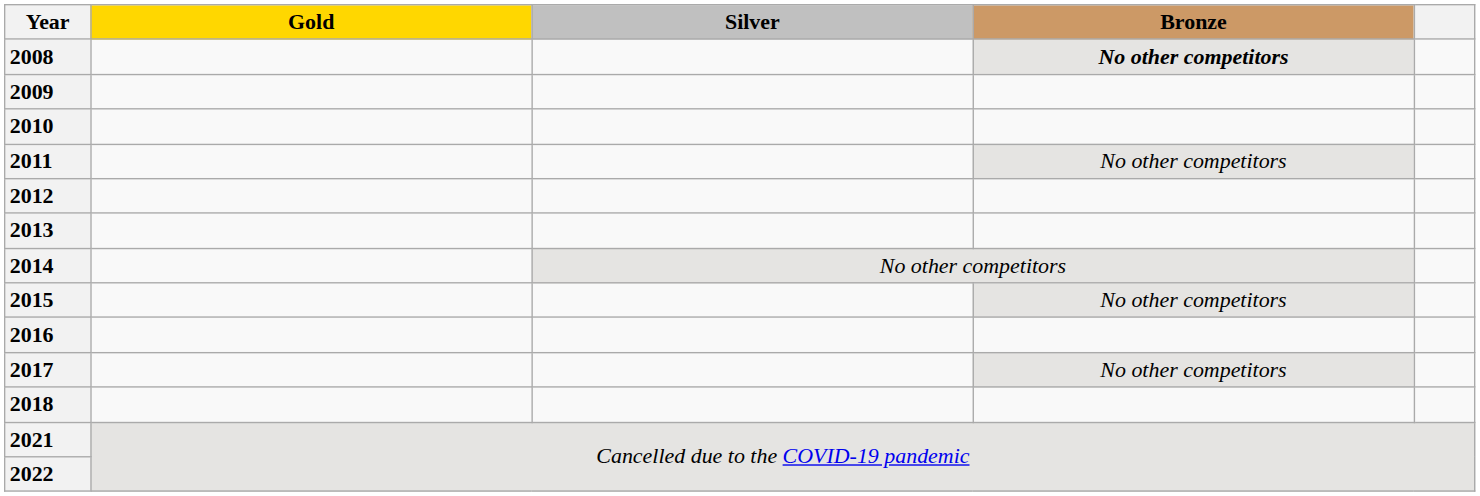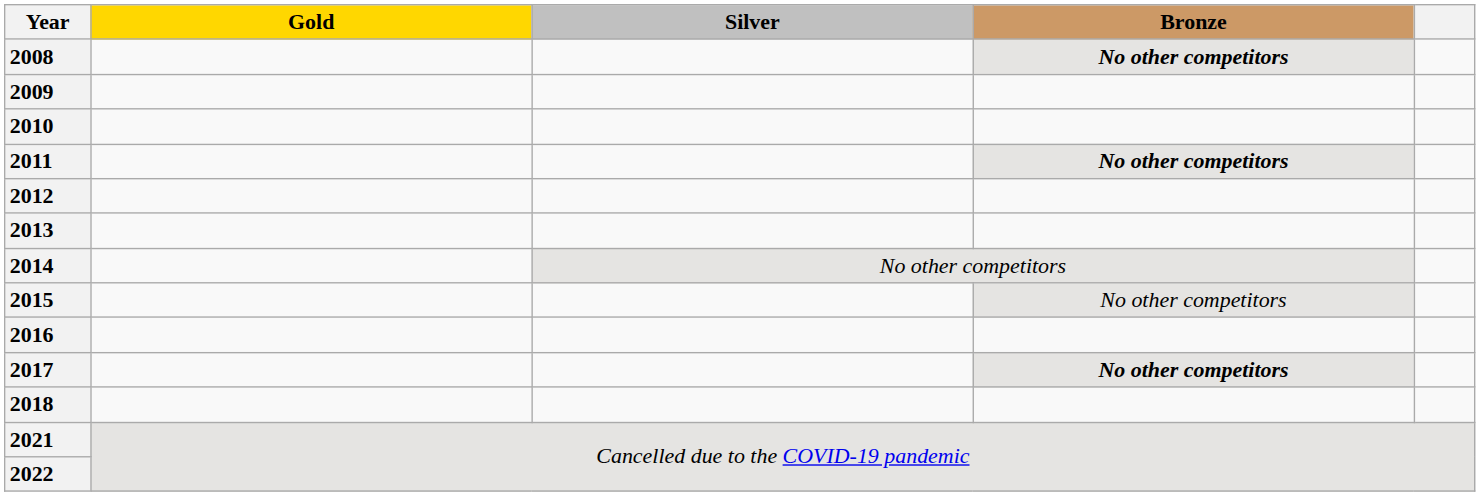 <table class="wikitable unsortable" style="text-align:left; width:85%">
 <tr>
 <th scope="col" style="text-align:center">Year</th>
 <td scope="col" style="text-align:center; width:30%; background:gold"><strong>Gold</strong></td>
 <td scope="col" style="text-align:center; width:30%; background:silver"><strong>Silver</strong></td>
 <td scope="col" style="text-align:center; width:30%; background:#c96"><strong>Bronze</strong></td>
 <th scope="col" style="text-align:center"></th>
 </tr>
 <tr>
 <th scope="row" style="text-align:left">2008</th>
 <td></td>
 <td></td>
 <td align="center" bgcolor="e5e4e2"><strong><em>No other competitors</em></strong></td>
 <td></td>
 </tr>
 <tr>
 <th scope="row" style="text-align:left">2009</th>
 <td></td>
 <td></td>
 <td></td>
 <td></td>
 </tr>
 <tr>
 <th scope="row" style="text-align:left">2010</th>
 <td></td>
 <td></td>
 <td></td>
 <td></td>
 </tr>
 <tr>
 <th scope="row" style="text-align:left">2011</th>
 <td></td>
 <td></td>
-<td align="center" bgcolor="e5e4e2"><em>No other competitors</em></td>
+<td align="center" bgcolor="e5e4e2"><strong><em>No other competitors</em></strong></td>
 <td></td>
 </tr>
 <tr>
 <th scope="row" style="text-align:left">2012</th>
 <td></td>
 <td></td>
 <td></td>
 <td></td>
 </tr>
 <tr>
 <th scope="row" style="text-align:left">2013</th>
 <td></td>
 <td></td>
 <td></td>
 <td></td>
 </tr>
 <tr>
 <th scope="row" style="text-align:left">2014</th>
 <td></td>
 <td colspan="2" align="center" bgcolor="e5e4e2"><em>No other competitors</em></td>
 <td></td>
 </tr>
 <tr>
 <th scope="row" style="text-align:left">2015</th>
 <td></td>
 <td></td>
 <td align="center" bgcolor="e5e4e2"><em>No other competitors</em></td>
 <td></td>
 </tr>
 <tr>
 <th scope="row" style="text-align:left">2016</th>
 <td></td>
 <td></td>
 <td></td>
 <td></td>
 </tr>
 <tr>
 <th scope="row" style="text-align:left">2017</th>
 <td></td>
 <td></td>
-<td align="center" bgcolor="e5e4e2"><em>No other competitors</em></td>
+<td align="center" bgcolor="e5e4e2"><strong><em>No other competitors</em></strong></td>
 <td></td>
 </tr>
 <tr>
 <th scope="row" style="text-align:left">2018</th>
 <td></td>
 <td></td>
 <td></td>
 <td></td>
 </tr>
 <tr>
 <th scope="row" style="text-align:left">2021</th>
 <td rowspan="2" colspan="4" align="center" bgcolor="e5e4e2"><em>Cancelled due to the <a href='#'>COVID-19 pandemic</a></em></td>
 </tr>
 <tr>
 <th scope="row" style="text-align:left">2022</th>
 </tr>
 </table>
